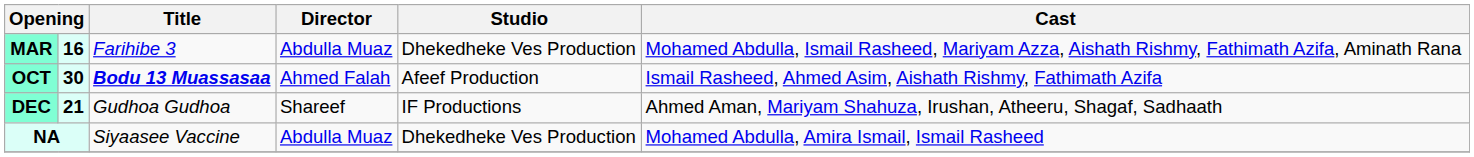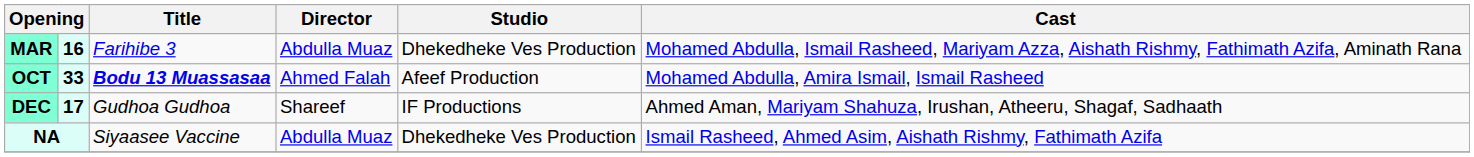 <table class="wikitable plainrowheaders" width="100%">
 <tr>
 <th scope="col" colspan="2">Opening</th>
 <th scope="col">Title</th>
 <th scope="col">Director</th>
 <th scope="col">Studio</th>
 <th scope="col">Cast</th>
 </tr>
 <tr>
 <td style="text-align:center; background:#7FFFD4; textcolor:#000;"><strong>MAR</strong></td>
 <td style="text-align:center; background:#dbfff8;"><strong>16</strong></td>
 <td><em><a href='#'>Farihibe 3</a></em></td>
 <td><a href='#'>Abdulla Muaz</a></td>
 <td>Dhekedheke Ves Production</td>
 <td><a href='#'>Mohamed Abdulla</a>, <a href='#'>Ismail Rasheed</a>, <a href='#'>Mariyam Azza</a>, <a href='#'>Aishath Rishmy</a>, <a href='#'>Fathimath Azifa</a>, Aminath Rana</td>
 </tr>
 <tr>
 <td style="text-align:center; background:#7FFFD4; textcolor:#000;"><strong>OCT</strong></td>
-<td style="text-align:center; background:#dbfff8;"><strong>30</strong></td>
+<td style="text-align:center; background:#dbfff8;"><strong>33</strong></td>
 <td><strong><em><a href='#'>Bodu 13 Muassasaa</a></em></strong></td>
 <td><a href='#'>Ahmed Falah</a></td>
 <td>Afeef Production</td>
-<td><a href='#'>Ismail Rasheed</a>, <a href='#'>Ahmed Asim</a>, <a href='#'>Aishath Rishmy</a>, <a href='#'>Fathimath Azifa</a></td>
+<td><a href='#'>Mohamed Abdulla</a>, <a href='#'>Amira Ismail</a>, <a href='#'>Ismail Rasheed</a></td>
 </tr>
 <tr>
 <td style="text-align:center; background:#7FFFD4; textcolor:#000;"><strong>DEC</strong></td>
-<td style="text-align:center; background:#dbfff8;"><strong>21</strong></td>
+<td style="text-align:center; background:#dbfff8;"><strong>17</strong></td>
 <td><em>Gudhoa Gudhoa</em></td>
 <td>Shareef</td>
 <td>IF Productions</td>
 <td>Ahmed Aman, <a href='#'>Mariyam Shahuza</a>, Irushan, Atheeru, Shagaf, Sadhaath</td>
 </tr>
 <tr>
 <td style="text-align:center; background:#dbfff8;" colspan="2"><strong>NA</strong></td>
 <td><em>Siyaasee Vaccine</em></td>
 <td><a href='#'>Abdulla Muaz</a></td>
 <td>Dhekedheke Ves Production</td>
-<td><a href='#'>Mohamed Abdulla</a>, <a href='#'>Amira Ismail</a>, <a href='#'>Ismail Rasheed</a></td>
+<td><a href='#'>Ismail Rasheed</a>, <a href='#'>Ahmed Asim</a>, <a href='#'>Aishath Rishmy</a>, <a href='#'>Fathimath Azifa</a></td>
 </tr>
 <tr>
 </tr>
 </table>
